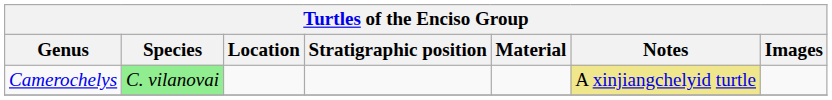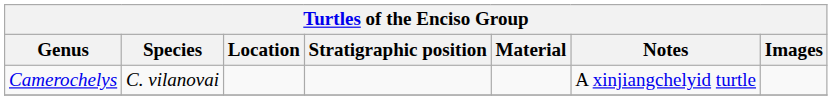 <table class="wikitable" align="center">
 <tr>
 <th colspan="7" align="center"><a href='#'>Turtles</a> of the Enciso Group</th>
 </tr>
 <tr>
 <th>Genus</th>
 <th>Species</th>
 <th>Location</th>
 <th>Stratigraphic position</th>
 <th>Material</th>
 <th>Notes</th>
 <th>Images</th>
 </tr>
 <tr>
 <td><em><a href='#'>Camerochelys</a></em></td>
-<td style="background: lightgreen;"><em>C. vilanovai</em></td>
+<td><em>C. vilanovai</em></td>
 <td></td>
 <td></td>
 <td></td>
-<td style="background: khaki;">A <a href='#'>xinjiangchelyid</a> <a href='#'>turtle</a></td>
+<td>A <a href='#'>xinjiangchelyid</a> <a href='#'>turtle</a></td>
 <td></td>
 </tr>
 <tr>
 </tr>
 </table>
